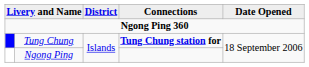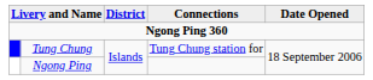 <table align=center border="1" cellpadding="2" cellspacing="0" style="background: #f9f9f9; border: 1px solid #aaaaaa; border-collapse: collapse; white-space: nowrap; text-align: right" width="75%">
 <tr style="text-align: center; background: #eeeeee">
 <th colspan=2><a href='#'>Livery</a> and Name</th>
 <th><a href='#'>District</a></th>
 <th>Connections</th>
 <th>Date Opened</th>
 </tr>
 <tr>
 <td align=center colspan=5><strong>Ngong Ping 360</strong></td>
 </tr>
 <tr>
 <td width=10 bgcolor="blue"></td>
 <td align=center><em><a href='#'>Tung Chung</a></em></td>
 <td align=center rowspan=2><a href='#'>Islands</a></td>
-<td align=center><strong><a href='#'>Tung Chung station</a> for </strong></td>
+<td align=center><a href='#'>Tung Chung station</a> for </td>
 <td align=center rowspan=2>18 September 2006</td>
 </tr>
 <tr>
 <td bgcolor="white"></td>
 <td align=center><em><a href='#'>Ngong Ping</a></em></td>
 <td align=center></td>
 </tr>
 </table>
